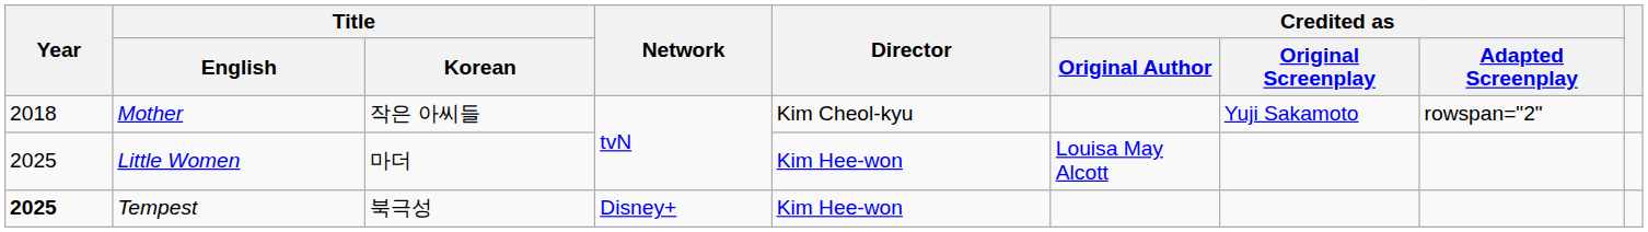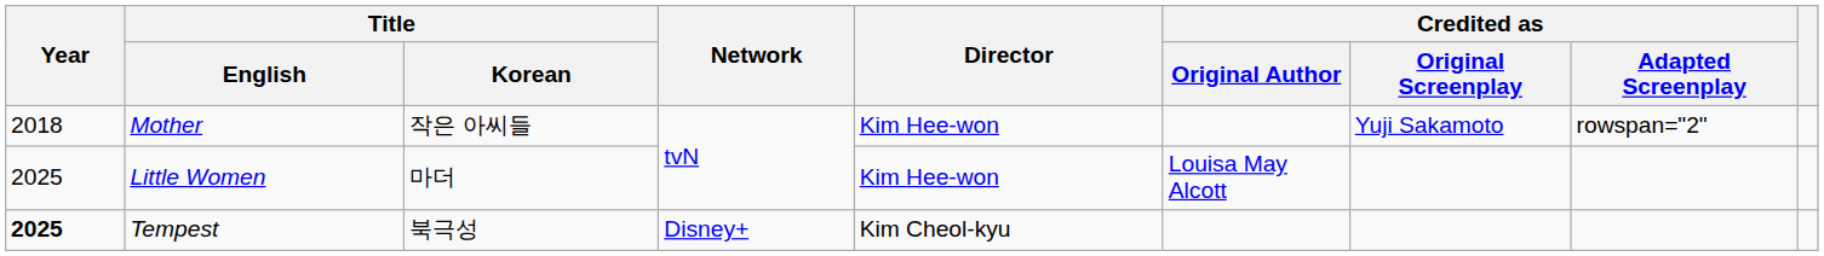 <table class="wikitable">
 <tr>
 <th rowspan="2">Year</th>
 <th colspan="2">Title</th>
 <th rowspan="2">Network</th>
 <th rowspan="2">Director</th>
 <th colspan="3" width="35%">Credited as</th>
 <th rowspan="2" class="unsortable"></th>
 </tr>
 <tr>
 <th>English</th>
 <th>Korean</th>
 <th class="unsortable"><a href='#'>Original Author</a></th>
 <th class="unsortable"><a href='#'>Original Screenplay</a></th>
 <th class="unsortable"><a href='#'>Adapted Screenplay</a></th>
 </tr>
 <tr>
 <td>2018</td>
 <td><em><a href='#'>Mother</a></em></td>
 <td>작은 아씨들</td>
 <td rowspan="2"><a href='#'>tvN</a></td>
-<td>Kim Cheol-kyu</td>
+<td><a href='#'>Kim Hee-won</a></td>
 <td></td>
 <td><a href='#'>Yuji Sakamoto</a></td>
 <td>rowspan="2" </td>
 <td><br></td>
 </tr>
 <tr>
 <td>2025</td>
 <td><em><a href='#'>Little Women</a></em></td>
 <td>마더</td>
 <td><a href='#'>Kim Hee-won</a></td>
 <td><a href='#'>Louisa May Alcott</a></td>
 <td></td>
 <td></td>
 </tr>
 <tr>
 <td><strong>2025</strong></td>
 <td><em>Tempest</em></td>
 <td>북극성</td>
 <td><a href='#'>Disney+</a></td>
-<td><a href='#'>Kim Hee-won</a></td>
+<td>Kim Cheol-kyu</td>
 <td></td>
 <td></td>
 <td></td>
 <td></td>
 </tr>
 </table>
